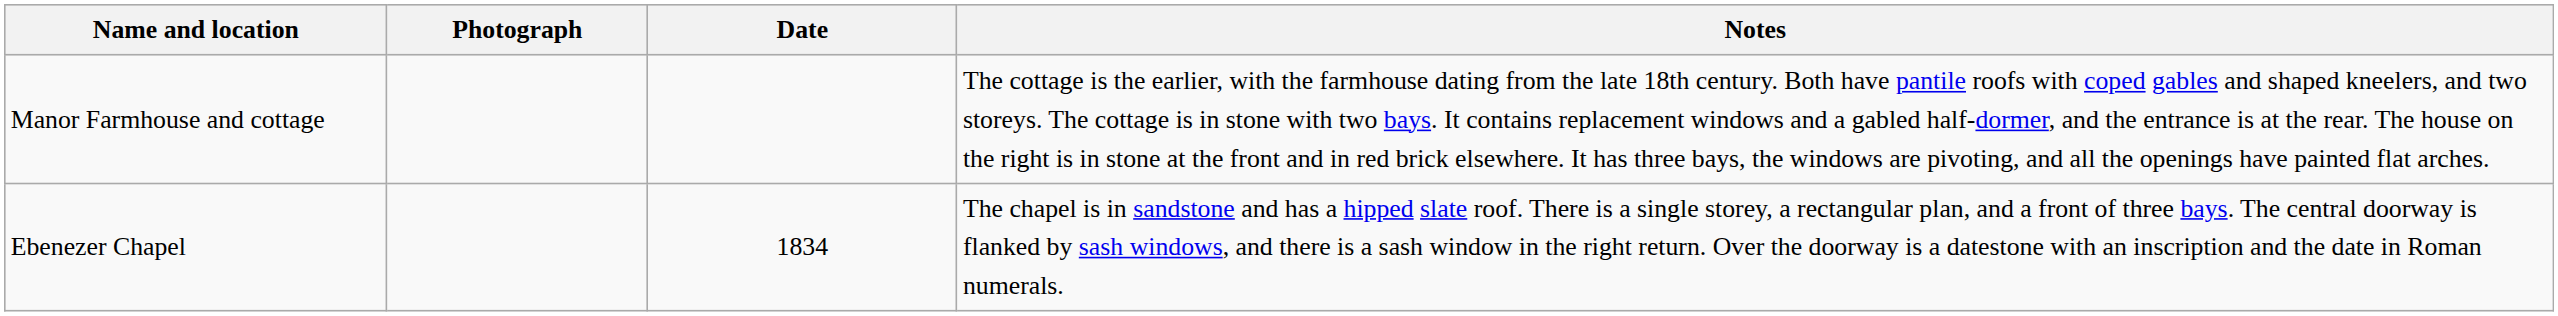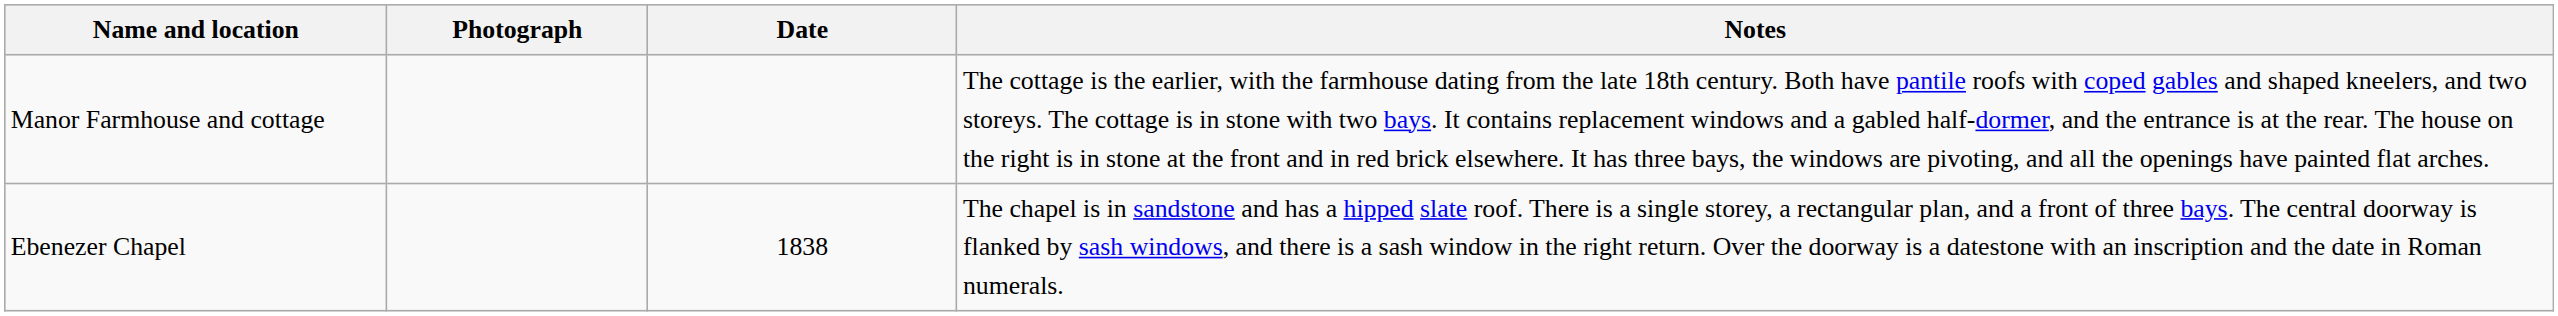 <table class="wikitable sortable plainrowheaders" style="width:100%;border:0px;text-align:left;line-height:150%;">
 <tr>
 <th scope="col"  style="width:150px">Name and location</th>
 <th scope="col"  style="width:100px" class="unsortable">Photograph</th>
 <th scope="col"  style="width:120px">Date</th>
 <th scope="col"  style="width:650px" class="unsortable">Notes</th>
 </tr>
 <tr>
 <td>Manor Farmhouse and cottage<br></td>
 <td></td>
 <td align="center"></td>
 <td>The cottage is the earlier, with the farmhouse dating from the late 18th century.  Both have <a href='#'>pantile</a> roofs with <a href='#'>coped</a> <a href='#'>gables</a> and shaped kneelers, and two storeys.  The cottage is in stone with two <a href='#'>bays</a>.  It contains replacement windows and a gabled half-<a href='#'>dormer</a>, and the entrance is at the rear.  The house on the right is in stone at the front and in red brick elsewhere.  It has three bays, the windows are pivoting, and all the openings have painted flat arches.</td>
 </tr>
 <tr>
 <td>Ebenezer Chapel<br></td>
 <td></td>
-<td align="center">1834</td>
+<td align="center">1838</td>
 <td>The chapel is in <a href='#'>sandstone</a> and has a <a href='#'>hipped</a> <a href='#'>slate</a> roof.  There is a single storey, a rectangular plan, and a front of three <a href='#'>bays</a>.  The central doorway is flanked by <a href='#'>sash windows</a>, and there is a sash window in the right return.  Over the doorway is a datestone with an inscription and the date in Roman numerals.</td>
 </tr>
 <tr>
 </tr>
 </table>
